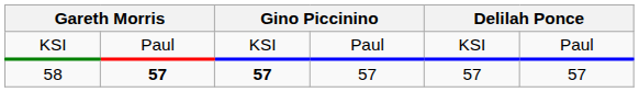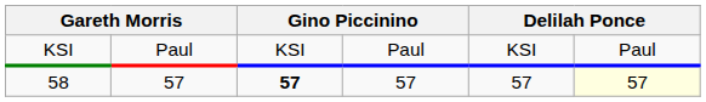 <table class="wikitable" style="text-align:center; font-size: 95%">
 <tr>
 <th colspan=2 style="width:20%">Gareth Morris</th>
 <th colspan=2 style="width:20%">Gino Piccinino</th>
 <th colspan=2 style="width:20%">Delilah Ponce</th>
 </tr>
 <tr>
 <td style="border-bottom:3px solid green;">KSI</td>
 <td style="border-bottom:3px solid red;">Paul</td>
 <td style="border-bottom:3px solid blue;">KSI</td>
 <td style="border-bottom:3px solid blue;">Paul</td>
 <td style="border-bottom:3px solid blue;">KSI</td>
 <td style="border-bottom:3px solid blue;">Paul</td>
 </tr>
 <tr>
 <td>58</td>
-<td><strong>57</strong></td>
+<td>57</td>
 <td><strong>57</strong></td>
 <td>57</td>
 <td>57</td>
-<td>57</td>
+<td style="background: lightyellow;">57</td>
 </tr>
 </table>
